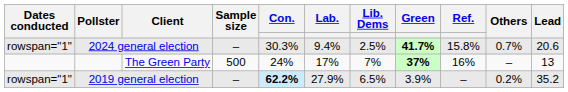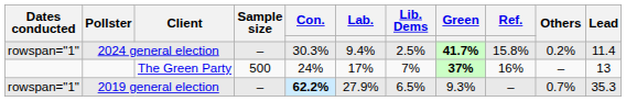 <table class="wikitable sortable mw-datatable" style="text-align:center; font-size:90%; line-height:14px;">
 <tr>
 <th rowspan="2">Dates<br>conducted</th>
 <th rowspan="2">Pollster</th>
 <th rowspan="2">Client</th>
 <th rowspan="2" data-sort-type="number">Sample<br>size</th>
 <th class="unsortable" style="width:50px;"><a href='#'>Con.</a></th>
 <th class="unsortable" style="width:50px;"><a href='#'>Lab.</a></th>
 <th class="unsortable" style="width:50px;"><a href='#'>Lib. Dems</a></th>
 <th class="unsortable" style="width:50px;"><a href='#'>Green</a></th>
 <th class="unsortable" style="width:50px;"><a href='#'>Ref.</a></th>
 <th rowspan="2" class="unsortable" style="width:50px;">Others</th>
 <th rowspan="2" data-sort-type="number">Lead</th>
 </tr>
 <tr>
 <th data-sort-type="number" style="background:"></th>
 <th data-sort-type="number" style="background:"></th>
 <th data-sort-type="number" style="background:"></th>
 <th data-sort-type="number" style="background:"></th>
 <th data-sort-type="number" style="background:"></th>
 </tr>
 <tr style="background:#e9e9e9;">
 <td>rowspan="1" </td>
 <td colspan="2" rowspan="1"><a href='#'>2024 general election</a></td>
 <td>–</td>
 <td>30.3%</td>
 <td>9.4%</td>
 <td>2.5%</td>
 <td style="background:#CCFFC6;"><strong>41.7%</strong></td>
 <td>15.8%</td>
-<td>0.7%</td>
-<td style="background:">20.6</td>
+<td>0.2%</td>
+<td style="background:">11.4</td>
 </tr>
 <tr>
 <td></td>
 <td></td>
 <td><a href='#'>The Green Party</a></td>
 <td>500</td>
 <td>24%</td>
 <td>17%</td>
 <td>7%</td>
 <td style="background:#CCFFC6;"><strong>37%</strong></td>
 <td>16%</td>
 <td>–</td>
 <td style="background:">13</td>
 </tr>
 <tr style="background:#e9e9e9;">
 <td>rowspan="1" </td>
 <td colspan="2" rowspan="1"><a href='#'>2019 general election</a></td>
 <td>–</td>
 <td style="background:#CCEBFF;"><strong>62.2%</strong></td>
 <td>27.9%</td>
 <td>6.5%</td>
-<td>3.9%</td>
+<td>9.3%</td>
 <td>–</td>
-<td>0.2%</td>
-<td style="background:">35.2</td>
+<td>0.7%</td>
+<td style="background:">35.3</td>
 </tr>
 </table>
